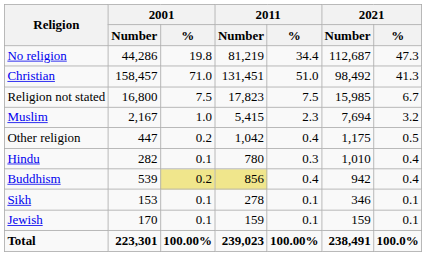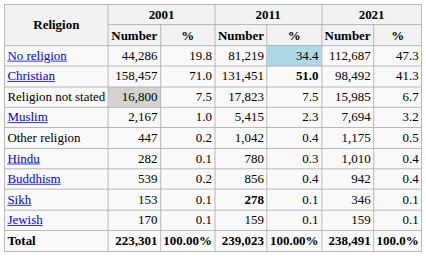 <table class="wikitable sortable" style="text-align:right">
 <tr>
 <th rowspan="2">Religion</th>
 <th colspan="2">2001</th>
 <th colspan="2">2011</th>
 <th colspan="2">2021</th>
 </tr>
 <tr>
 <th>Number</th>
 <th>%</th>
 <th>Number</th>
 <th>%</th>
 <th>Number</th>
 <th>%</th>
 </tr>
 <tr>
 <td style="text-align:left"><a href='#'>No religion</a></td>
 <td>44,286</td>
 <td>19.8</td>
 <td>81,219</td>
-<td>34.4</td>
+<td style="background: lightblue;">34.4</td>
 <td>112,687</td>
 <td>47.3</td>
 </tr>
 <tr>
 <td style="text-align:left"><a href='#'>Christian</a></td>
 <td>158,457</td>
 <td>71.0</td>
 <td>131,451</td>
-<td>51.0</td>
+<td><strong>51.0</strong></td>
 <td>98,492</td>
 <td>41.3</td>
 </tr>
 <tr>
 <td style="text-align:left">Religion not stated</td>
-<td>16,800</td>
+<td style="background: lightgrey;">16,800</td>
 <td>7.5</td>
 <td>17,823</td>
 <td>7.5</td>
 <td>15,985</td>
 <td>6.7</td>
 </tr>
 <tr>
 <td style="text-align:left"><a href='#'>Muslim</a></td>
 <td>2,167</td>
 <td>1.0</td>
 <td>5,415</td>
 <td>2.3</td>
 <td>7,694</td>
 <td>3.2</td>
 </tr>
 <tr>
 <td style="text-align:left">Other religion</td>
 <td>447</td>
 <td>0.2</td>
 <td>1,042</td>
 <td>0.4</td>
 <td>1,175</td>
 <td>0.5</td>
 </tr>
 <tr>
 <td style="text-align:left"><a href='#'>Hindu</a></td>
 <td>282</td>
 <td>0.1</td>
 <td>780</td>
 <td>0.3</td>
 <td>1,010</td>
 <td>0.4</td>
 </tr>
 <tr>
 <td style="text-align:left"><a href='#'>Buddhism</a></td>
 <td>539</td>
-<td style="background: khaki;">0.2</td>
-<td style="background: khaki;">856</td>
+<td>0.2</td>
+<td>856</td>
 <td>0.4</td>
 <td>942</td>
 <td>0.4</td>
 </tr>
 <tr>
 <td style="text-align:left"><a href='#'>Sikh</a></td>
 <td>153</td>
 <td>0.1</td>
-<td>278</td>
+<td><strong>278</strong></td>
 <td>0.1</td>
 <td>346</td>
 <td>0.1</td>
 </tr>
 <tr>
 <td style="text-align:left"><a href='#'>Jewish</a></td>
 <td>170</td>
 <td>0.1</td>
 <td>159</td>
 <td>0.1</td>
 <td>159</td>
 <td>0.1</td>
 </tr>
 <tr style="font-weight:bold;">
 <td style="text-align:left">Total</td>
 <td>223,301</td>
 <td>100.00%</td>
 <td>239,023</td>
 <td>100.00%</td>
 <td>238,491</td>
 <td>100.0%</td>
 </tr>
 </table>
